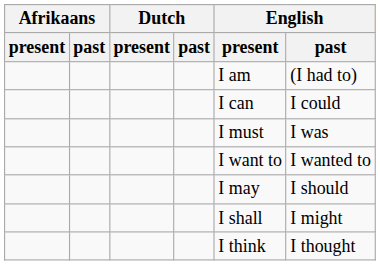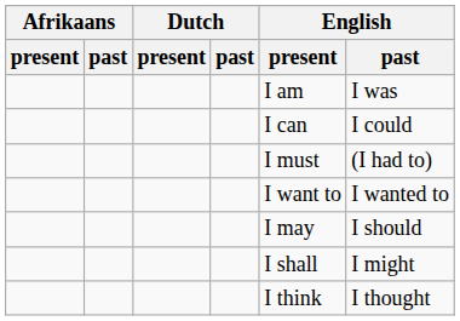 <table class="wikitable">
 <tr style="background:#ffdead;">
 <th colspan=2>Afrikaans</th>
 <th colspan=2>Dutch</th>
 <th colspan=2>English</th>
 </tr>
 <tr>
 <th>present</th>
 <th>past</th>
 <th>present</th>
 <th>past</th>
 <th>present</th>
 <th>past</th>
 </tr>
 <tr>
 <td></td>
 <td></td>
 <td></td>
 <td></td>
 <td>I am</td>
-<td>(I had to)</td>
+<td>I was</td>
 </tr>
 <tr>
 <td></td>
 <td></td>
 <td></td>
 <td></td>
 <td>I can</td>
 <td>I could</td>
 </tr>
 <tr>
 <td></td>
 <td></td>
 <td></td>
 <td></td>
 <td>I must</td>
-<td>I was</td>
+<td>(I had to)</td>
 </tr>
 <tr>
 <td></td>
 <td></td>
 <td></td>
 <td></td>
 <td>I want to</td>
 <td>I wanted to</td>
 </tr>
 <tr>
 <td></td>
 <td></td>
 <td></td>
 <td></td>
 <td>I may</td>
 <td>I should</td>
 </tr>
 <tr>
 <td></td>
 <td></td>
 <td></td>
 <td></td>
 <td>I shall</td>
 <td>I might</td>
 </tr>
 <tr>
 <td></td>
 <td></td>
 <td></td>
 <td></td>
 <td>I think</td>
 <td>I thought</td>
 </tr>
 </table>
